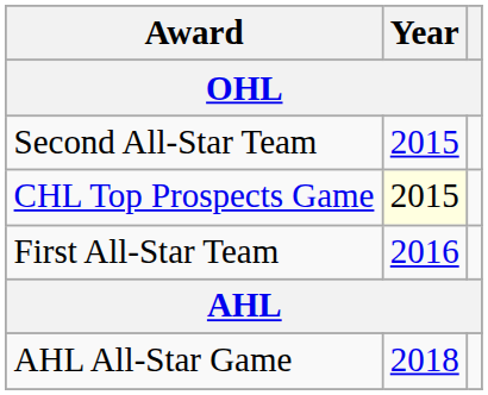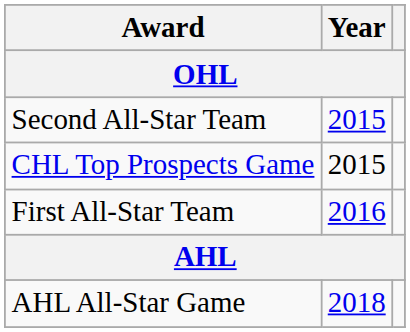 <table class="wikitable">
 <tr>
 <th>Award</th>
 <th>Year</th>
 <th></th>
 </tr>
 <tr>
 <th colspan="3"><a href='#'>OHL</a></th>
 </tr>
 <tr>
 <td>Second All-Star Team</td>
 <td><a href='#'>2015</a></td>
 <td></td>
 </tr>
 <tr>
 <td><a href='#'>CHL Top Prospects Game</a></td>
-<td style="background: lightyellow;">2015</td>
+<td>2015</td>
 <td></td>
 </tr>
 <tr>
 <td>First All-Star Team</td>
 <td><a href='#'>2016</a></td>
 <td></td>
 </tr>
 <tr>
 <th colspan="3"><a href='#'>AHL</a></th>
 </tr>
 <tr>
 <td>AHL All-Star Game</td>
 <td><a href='#'>2018</a></td>
 <td></td>
 </tr>
 </table>
